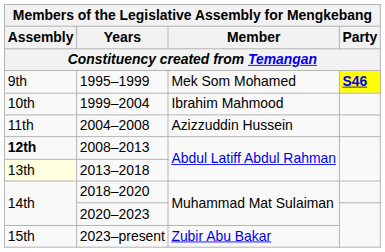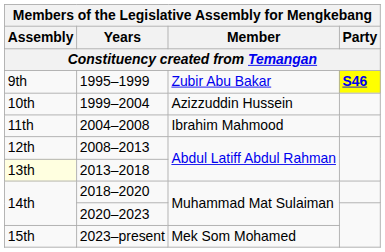 <table class=wikitable>
 <tr>
 <th colspan=4>Members of the Legislative Assembly for Mengkebang</th>
 </tr>
 <tr>
 <th>Assembly</th>
 <th>Years</th>
 <th>Member</th>
 <th>Party</th>
 </tr>
 <tr>
 <th colspan=4 align=center><em>Constituency created from <a href='#'>Temangan</a></em></th>
 </tr>
 <tr>
 <td>9th</td>
 <td>1995–1999</td>
-<td>Mek Som Mohamed</td>
+<td><a href='#'>Zubir Abu Bakar</a></td>
 <td bgcolor="yellow"><strong><a href='#'>S46</a></strong></td>
 </tr>
 <tr>
 <td>10th</td>
 <td>1999–2004</td>
-<td>Ibrahim Mahmood</td>
+<td>Azizzuddin Hussein</td>
 <td></td>
 </tr>
 <tr>
 <td>11th</td>
 <td>2004–2008</td>
-<td>Azizzuddin Hussein</td>
+<td>Ibrahim Mahmood</td>
 <td></td>
 </tr>
 <tr>
-<td><strong>12th</strong></td>
+<td>12th</td>
 <td>2008–2013</td>
 <td rowspan=2><a href='#'>Abdul Latiff Abdul Rahman</a></td>
 <td rowspan=2></td>
 </tr>
 <tr>
 <td style="background: lightyellow;">13th</td>
 <td>2013–2018</td>
 </tr>
 <tr>
 <td rowspan="2">14th</td>
 <td>2018–2020</td>
 <td rowspan="2">Muhammad Mat Sulaiman</td>
 <td></td>
 </tr>
 <tr>
 <td>2020–2023</td>
 <td rowspan=2></td>
 </tr>
 <tr>
 <td>15th</td>
 <td>2023–present</td>
-<td><a href='#'>Zubir Abu Bakar</a></td>
+<td>Mek Som Mohamed</td>
 </tr>
 </table>
